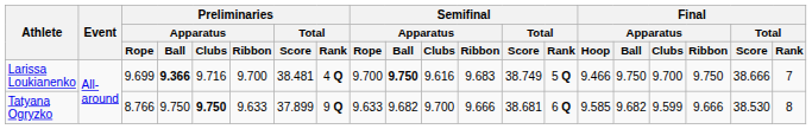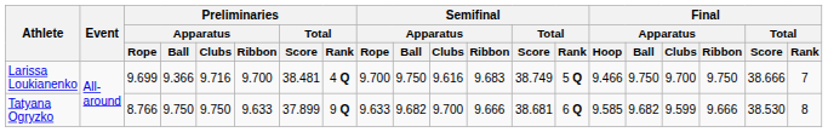 <table class=wikitable style=font-size:90%;text-align:center>
 <tr>
 <th rowspan=3>Athlete</th>
 <th rowspan=3>Event</th>
 <th colspan=6>Preliminaries</th>
 <th colspan=6>Semifinal</th>
 <th colspan=6>Final</th>
 </tr>
 <tr style=font-size:95%>
 <th colspan=4>Apparatus</th>
 <th colspan=2>Total</th>
 <th colspan=4>Apparatus</th>
 <th colspan=2>Total</th>
 <th colspan=4>Apparatus</th>
 <th colspan=2>Total</th>
 </tr>
 <tr style=font-size:95%>
 <th>Rope</th>
 <th>Ball</th>
 <th>Clubs</th>
 <th>Ribbon</th>
 <th>Score</th>
 <th>Rank</th>
 <th>Rope</th>
 <th>Ball</th>
 <th>Clubs</th>
 <th>Ribbon</th>
 <th>Score</th>
 <th>Rank</th>
 <th>Hoop</th>
 <th>Ball</th>
 <th>Clubs</th>
 <th>Ribbon</th>
 <th>Score</th>
 <th>Rank</th>
 </tr>
 <tr>
 <td align=left><a href='#'>Larissa Loukianenko</a></td>
 <td align=left rowspan=2><a href='#'>All-around</a></td>
 <td>9.699</td>
-<td><strong>9.366</strong></td>
+<td>9.366</td>
 <td>9.716</td>
 <td>9.700</td>
 <td>38.481</td>
 <td>4 <strong>Q</strong></td>
 <td>9.700</td>
-<td><strong>9.750</strong></td>
+<td>9.750</td>
 <td>9.616</td>
 <td>9.683</td>
 <td>38.749</td>
 <td>5 <strong>Q</strong></td>
 <td>9.466</td>
 <td>9.750</td>
 <td>9.700</td>
 <td>9.750</td>
 <td>38.666</td>
 <td>7</td>
 </tr>
 <tr>
 <td align=left><a href='#'>Tatyana Ogryzko</a></td>
 <td>8.766</td>
 <td>9.750</td>
-<td><strong>9.750</strong></td>
+<td>9.750</td>
 <td>9.633</td>
 <td>37.899</td>
 <td>9 <strong>Q</strong></td>
 <td>9.633</td>
 <td>9.682</td>
 <td>9.700</td>
 <td>9.666</td>
 <td>38.681</td>
 <td>6 <strong>Q</strong></td>
 <td>9.585</td>
 <td>9.682</td>
 <td>9.599</td>
 <td>9.666</td>
 <td>38.530</td>
 <td>8</td>
 </tr>
 </table>
